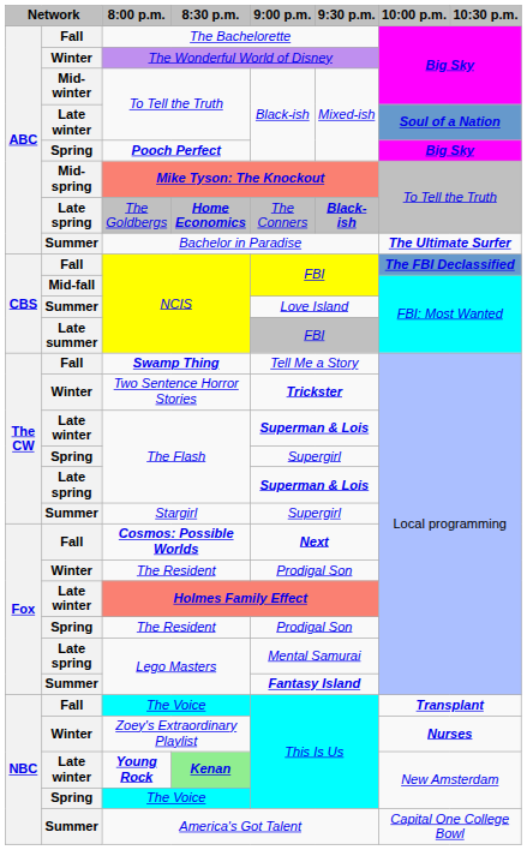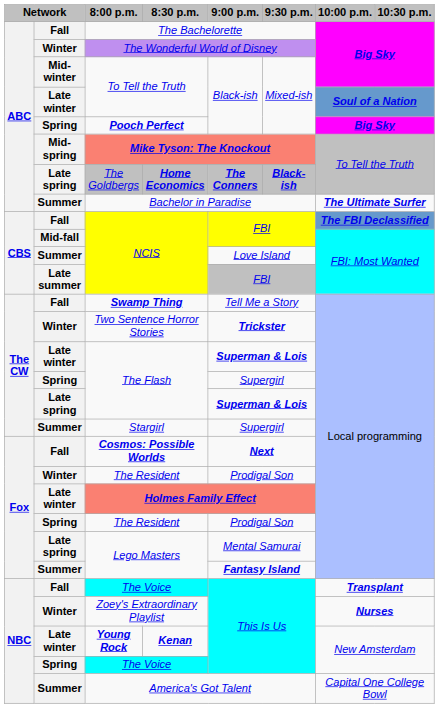 <table class="wikitable" style="width:100%;margin-right:0;text-align:center">
 <tr>
 <th colspan="2" style="background-color:#C0C0C0;text-align:center">Network</th>
 <th style="background-color:#C0C0C0;text-align:center">8:00 p.m.</th>
 <th style="background-color:#C0C0C0;text-align:center">8:30 p.m.</th>
 <th style="background-color:#C0C0C0;text-align:center">9:00 p.m.</th>
 <th style="background-color:#C0C0C0;text-align:center">9:30 p.m.</th>
 <th style="background-color:#C0C0C0;text-align:center">10:00 p.m.</th>
 <th style="background-color:#C0C0C0;text-align:center">10:30 p.m.</th>
 </tr>
 <tr>
 <th rowspan="8"><a href='#'>ABC</a></th>
 <th>Fall</th>
 <td colspan="4"><em><a href='#'>The Bachelorette</a></em></td>
 <td rowspan="3" colspan="2" style="background:#FF00FF;"><strong><em><a href='#'>Big Sky</a></em></strong> </td>
 </tr>
 <tr>
 <th>Winter</th>
 <td colspan="4" style="background:#bf8fef;"><em><a href='#'>The Wonderful World of Disney</a></em></td>
 </tr>
 <tr>
 <th>Mid-winter</th>
 <td rowspan="2" colspan="2"><em><a href='#'>To Tell the Truth</a></em></td>
 <td rowspan="3"><em><a href='#'>Black-ish</a></em></td>
 <td rowspan="3"><em><a href='#'>Mixed-ish</a></em></td>
 </tr>
 <tr>
 <th>Late winter</th>
 <td colspan="2" style="background:#6699CC;"><strong><em><a href='#'>Soul of a Nation</a></em></strong></td>
 </tr>
 <tr>
 <th>Spring</th>
 <td colspan="2"><strong><em><a href='#'>Pooch Perfect</a></em></strong></td>
 <td colspan="2" style="background:#FF00FF;"><strong><em><a href='#'>Big Sky</a></em></strong> </td>
 </tr>
 <tr>
 <th>Mid-spring</th>
 <td colspan="4" style="background:#FA8072;"><strong><em><a href='#'>Mike Tyson: The Knockout</a></em></strong></td>
 <td rowspan="2" colspan="2" style="background:#C0C0C0;"><em><a href='#'>To Tell the Truth</a></em> </td>
 </tr>
 <tr>
 <th>Late spring</th>
 <td style="background:#C0C0C0;"><em><a href='#'>The Goldbergs</a></em> </td>
 <td style="background:#C0C0C0;"><strong><em><a href='#'>Home Economics</a></em></strong> </td>
-<td style="background:#C0C0C0;"><em><a href='#'>The Conners</a></em> </td>
+<td style="background:#C0C0C0;"><strong><em><a href='#'>The Conners</a></em> </strong></td>
 <td style="background:#C0C0C0;"><strong><em><a href='#'>Black-ish</a></em> </strong></td>
 </tr>
 <tr>
 <th>Summer</th>
 <td colspan="4"><em><a href='#'>Bachelor in Paradise</a></em></td>
 <td colspan="2"><strong><em><a href='#'>The Ultimate Surfer</a></em></strong></td>
 </tr>
 <tr>
 <th rowspan="4"><a href='#'>CBS</a></th>
 <th>Fall</th>
 <td colspan="2" rowspan="4" style="background:#FFFF00;"><em><a href='#'>NCIS</a></em> </td>
 <td colspan="2" rowspan="2" style="background:#FFFF00;"><em><a href='#'>FBI</a></em> </td>
 <td colspan="2" style="background:#6699CC;"><strong><em><a href='#'>The FBI Declassified</a></em></strong></td>
 </tr>
 <tr>
 <th>Mid-fall</th>
 <td colspan="2" rowspan="3" style="background:#00FFFF;"><em><a href='#'>FBI: Most Wanted</a></em> </td>
 </tr>
 <tr>
 <th>Summer</th>
 <td colspan="2"><em><a href='#'>Love Island</a></em></td>
 </tr>
 <tr>
 <th>Late summer</th>
 <td colspan="2" style="background:#C0C0C0;"><em><a href='#'>FBI</a></em> </td>
 </tr>
 <tr>
 <th rowspan="6"><a href='#'>The CW</a></th>
 <th>Fall</th>
 <td colspan="2"><strong><em><a href='#'>Swamp Thing</a></em></strong></td>
 <td colspan="2"><em><a href='#'>Tell Me a Story</a></em></td>
 <td colspan="2" rowspan="12" style="background:#abbfff;">Local programming</td>
 </tr>
 <tr>
 <th>Winter</th>
 <td colspan="2"><em><a href='#'>Two Sentence Horror Stories</a></em></td>
 <td colspan="2"><strong><em><a href='#'>Trickster</a></em></strong></td>
 </tr>
 <tr>
 <th>Late winter</th>
 <td rowspan="3" colspan="2"><em><a href='#'>The Flash</a></em></td>
 <td colspan="2"><strong><em><a href='#'>Superman & Lois</a></em></strong></td>
 </tr>
 <tr>
 <th>Spring</th>
 <td colspan="2"><em><a href='#'>Supergirl</a></em></td>
 </tr>
 <tr>
 <th>Late spring</th>
 <td colspan="2"><strong><em><a href='#'>Superman & Lois</a></em></strong></td>
 </tr>
 <tr>
 <th>Summer</th>
 <td colspan="2"><em><a href='#'>Stargirl</a></em></td>
 <td colspan="2"><em><a href='#'>Supergirl</a></em></td>
 </tr>
 <tr>
 <th rowspan="6"><a href='#'>Fox</a></th>
 <th>Fall</th>
 <td colspan="2"><strong><em><a href='#'>Cosmos: Possible Worlds</a></em></strong></td>
 <td colspan="2"><strong><em><a href='#'>Next</a></em></strong></td>
 </tr>
 <tr>
 <th>Winter</th>
 <td colspan="2"><em><a href='#'>The Resident</a></em></td>
 <td colspan="2"><em><a href='#'>Prodigal Son</a></em></td>
 </tr>
 <tr>
 <th>Late winter</th>
 <td colspan="4" style="background:#FA8072;"><strong><em><a href='#'>Holmes Family Effect</a></em></strong></td>
 </tr>
 <tr>
 <th>Spring</th>
 <td colspan="2"><em><a href='#'>The Resident</a></em></td>
 <td colspan="2"><em><a href='#'>Prodigal Son</a></em></td>
 </tr>
 <tr>
 <th>Late spring</th>
 <td rowspan="2" colspan="2"><em><a href='#'>Lego Masters</a></em></td>
 <td colspan="2"><em><a href='#'>Mental Samurai</a></em></td>
 </tr>
 <tr>
 <th>Summer</th>
 <td colspan="2"><strong><em><a href='#'>Fantasy Island</a></em></strong></td>
 </tr>
 <tr>
 <th rowspan="5"><a href='#'>NBC</a></th>
 <th>Fall</th>
 <td colspan="2" style="background:#00FFFF;"><em><a href='#'>The Voice</a></em> </td>
 <td colspan="2" rowspan="4" style="background:#00FFFF;"><em><a href='#'>This Is Us</a></em> </td>
 <td colspan="2"><strong><em><a href='#'>Transplant</a></em></strong></td>
 </tr>
 <tr>
 <th>Winter</th>
 <td colspan="2"><em><a href='#'>Zoey's Extraordinary Playlist</a></em></td>
 <td colspan="2"><strong><em><a href='#'>Nurses</a></em></strong></td>
 </tr>
 <tr>
 <th>Late winter</th>
 <td><strong><em><a href='#'>Young Rock</a></em></strong></td>
-<td style="background: lightgreen;"><strong><em><a href='#'>Kenan</a></em></strong></td>
+<td><strong><em><a href='#'>Kenan</a></em></strong></td>
 <td colspan="2" rowspan="2"><em><a href='#'>New Amsterdam</a></em></td>
 </tr>
 <tr>
 <th>Spring</th>
 <td colspan="2" style="background:#00FFFF;"><em><a href='#'>The Voice</a></em> </td>
 </tr>
 <tr>
 <th>Summer</th>
 <td colspan="4"><em><a href='#'>America's Got Talent</a></em></td>
 <td colspan="2"><em><a href='#'>Capital One College Bowl</a></em></td>
 </tr>
 </table>
